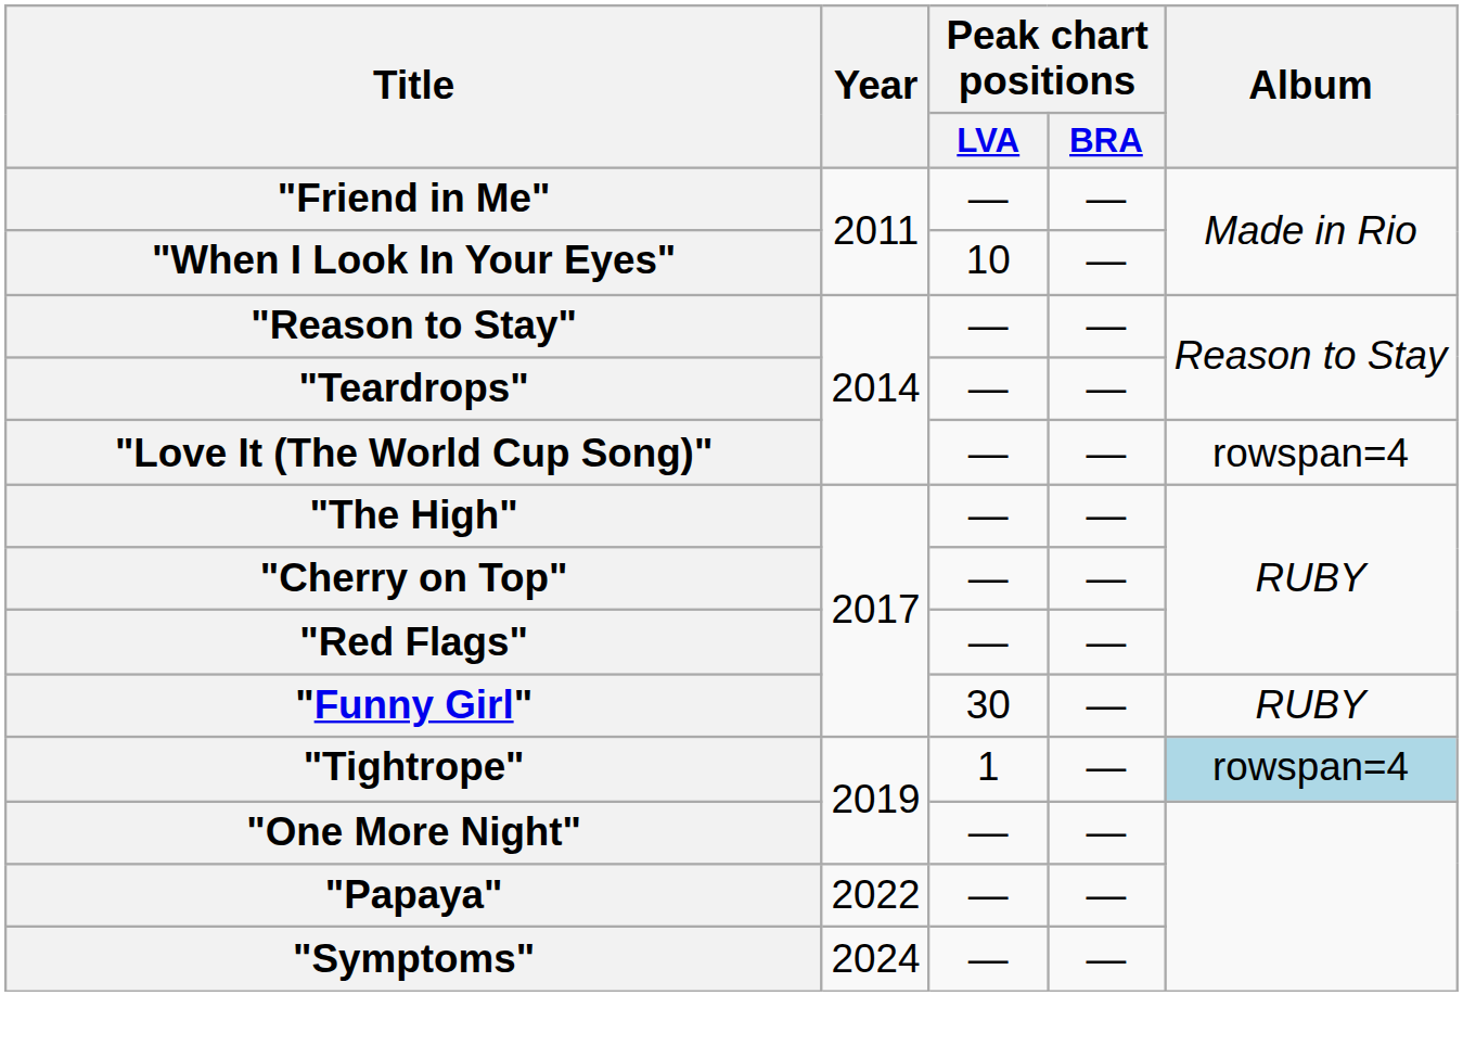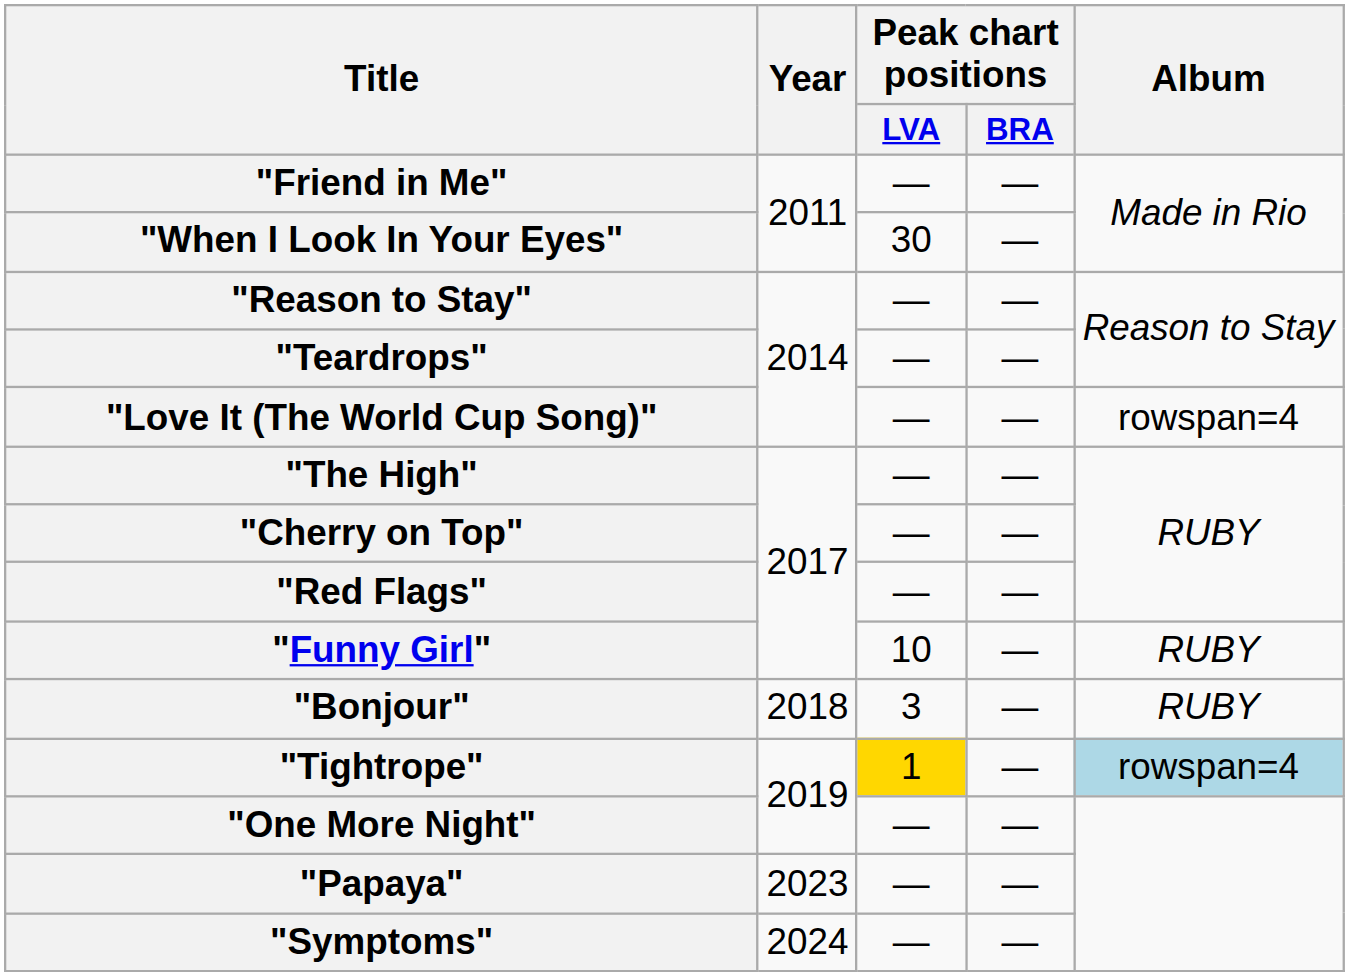 <table class="wikitable plainrowheaders" style="text-align:center;">
 <tr>
 <th scope="col" rowspan="2" style="width:20em;">Title</th>
 <th scope="col" rowspan="2">Year</th>
 <th scope="col" colspan="2">Peak chart positions</th>
 <th scope="col" rowspan="2">Album</th>
 </tr>
 <tr>
 <th scope="col" style="width:3em;font-size:85%;"><a href='#'>LVA</a></th>
 <th scope="col" style="width:3em;font-size:85%;"><a href='#'>BRA</a></th>
 </tr>
 <tr>
 <th scope="row">"Friend in Me"</th>
 <td rowspan=2>2011</td>
 <td>—</td>
 <td>—</td>
 <td rowspan=2><em>Made in Rio</em></td>
 </tr>
 <tr>
 <th scope="row">"When I Look In Your Eyes"</th>
-<td>10</td>
+<td>30</td>
 <td>—</td>
 </tr>
 <tr>
 <th scope="row">"Reason to Stay"</th>
 <td rowspan=3>2014</td>
 <td>—</td>
 <td>—</td>
 <td rowspan=2><em>Reason to Stay</em></td>
 </tr>
 <tr>
 <th scope="row">"Teardrops"</th>
 <td>—</td>
 <td>—</td>
 </tr>
 <tr>
 <th scope="row">"Love It (The World Cup Song)"</th>
 <td>—</td>
 <td>—</td>
 <td>rowspan=4 </td>
 </tr>
 <tr>
 <th scope="row">"The High"</th>
 <td rowspan=4>2017</td>
 <td>—</td>
 <td>—</td>
 <td rowspan=3><em>RUBY</em></td>
 </tr>
 <tr>
 <th scope="row">"Cherry on Top"</th>
 <td>—</td>
 <td>—</td>
 </tr>
 <tr>
 <th scope="row">"Red Flags"</th>
 <td>—</td>
 <td>—</td>
 </tr>
 <tr>
 <th scope="row">"<a href='#'>Funny Girl</a>"</th>
-<td>30</td>
+<td>10</td>
+<td>—</td>
+<td rowspan=1><em>RUBY</em></td>
+</tr>
+<tr>
+<th scope="row">"Bonjour"</th>
+<td>2018</td>
+<td>3</td>
 <td>—</td>
 <td rowspan=1><em>RUBY</em></td>
 </tr>
 <tr>
 <th scope="row">"Tightrope"</th>
 <td rowspan=2>2019</td>
-<td>1</td>
+<td style="background: gold;">1</td>
 <td>—</td>
 <td style="background: lightblue;">rowspan=4 </td>
 </tr>
 <tr>
 <th scope="row">"One More Night"</th>
 <td>—</td>
 <td>—</td>
 </tr>
 <tr>
 <th scope="row">"Papaya"</th>
-<td>2022</td>
+<td>2023</td>
 <td>—</td>
 <td>—</td>
 </tr>
 <tr>
 <th scope="row">"Symptoms"</th>
 <td>2024</td>
 <td>—</td>
 <td>—</td>
 </tr>
 </table>
